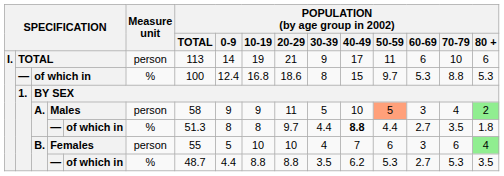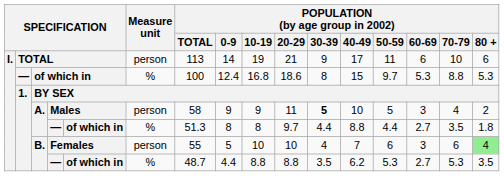 <table class="wikitable" style="font-size:85%; text-align:center">
 <tr>
 <th rowspan="2" colspan="5">SPECIFICATION</th>
 <th rowspan="2">Measure<br> unit</th>
 <th colspan="10" rowspan="1">POPULATION<br> (by age group in 2002)</th>
 </tr>
 <tr>
 <th>TOTAL</th>
 <th>0-9</th>
 <th>10-19</th>
 <th>20-29</th>
 <th>30-39</th>
 <th>40-49</th>
 <th>50-59</th>
 <th>60-69</th>
 <th>70-79</th>
 <th>80 +</th>
 </tr>
 <tr>
 <th style="text-align:left" valign="top" rowspan="7">I.</th>
 <th style="text-align:left" colspan="4">TOTAL</th>
 <td>person</td>
 <td>113</td>
 <td>14</td>
 <td>19</td>
 <td>21</td>
 <td>9</td>
 <td>17</td>
 <td>11</td>
 <td>6</td>
 <td>10</td>
 <td>6</td>
 </tr>
 <tr>
 <th style="text-align:left" valign="top">—</th>
 <th style="text-align:left" colspan="3">of which in</th>
 <td>%</td>
 <td>100</td>
 <td>12.4</td>
 <td>16.8</td>
 <td>18.6</td>
 <td>8</td>
 <td>15</td>
 <td>9.7</td>
 <td>5.3</td>
 <td>8.8</td>
 <td>5.3</td>
 </tr>
 <tr>
 <th style="text-align:left" valign="top" rowspan="5">1.</th>
 <th style="text-align:left" colspan="14">BY SEX</th>
 </tr>
 <tr>
 <th style="text-align:left" valign="top" rowspan="2">A.</th>
 <th style="text-align:left" colspan="2">Males</th>
 <td>person</td>
 <td>58</td>
 <td>9</td>
 <td>9</td>
 <td>11</td>
+<td><strong>5</strong></td>
+<td>10</td>
 <td>5</td>
-<td>10</td>
-<td style="background: lightsalmon;">5</td>
 <td>3</td>
 <td>4</td>
-<td style="background: lightgreen;">2</td>
+<td>2</td>
 </tr>
 <tr>
 <th style="text-align:left" valign="top">—</th>
 <th style="text-align:left" colspan="1">of which in</th>
 <td>%</td>
 <td>51.3</td>
 <td>8</td>
 <td>8</td>
 <td>9.7</td>
 <td>4.4</td>
-<td><strong>8.8</strong></td>
+<td>8.8</td>
 <td>4.4</td>
 <td>2.7</td>
 <td>3.5</td>
 <td>1.8</td>
 </tr>
 <tr>
 <th style="text-align:left" valign="top" rowspan="2">B.</th>
 <th style="text-align:left" colspan="2">Females</th>
 <td>person</td>
 <td>55</td>
 <td>5</td>
 <td>10</td>
 <td>10</td>
 <td>4</td>
 <td>7</td>
 <td>6</td>
 <td>3</td>
 <td>6</td>
 <td style="background: lightgreen;">4</td>
 </tr>
 <tr>
 <th style="text-align:left" valign="top">—</th>
 <th style="text-align:left" colspan="1">of which in</th>
 <td>%</td>
 <td>48.7</td>
 <td>4.4</td>
 <td>8.8</td>
 <td>8.8</td>
 <td>3.5</td>
 <td>6.2</td>
 <td>5.3</td>
 <td>2.7</td>
 <td>5.3</td>
 <td>3.5</td>
 </tr>
 </table>
